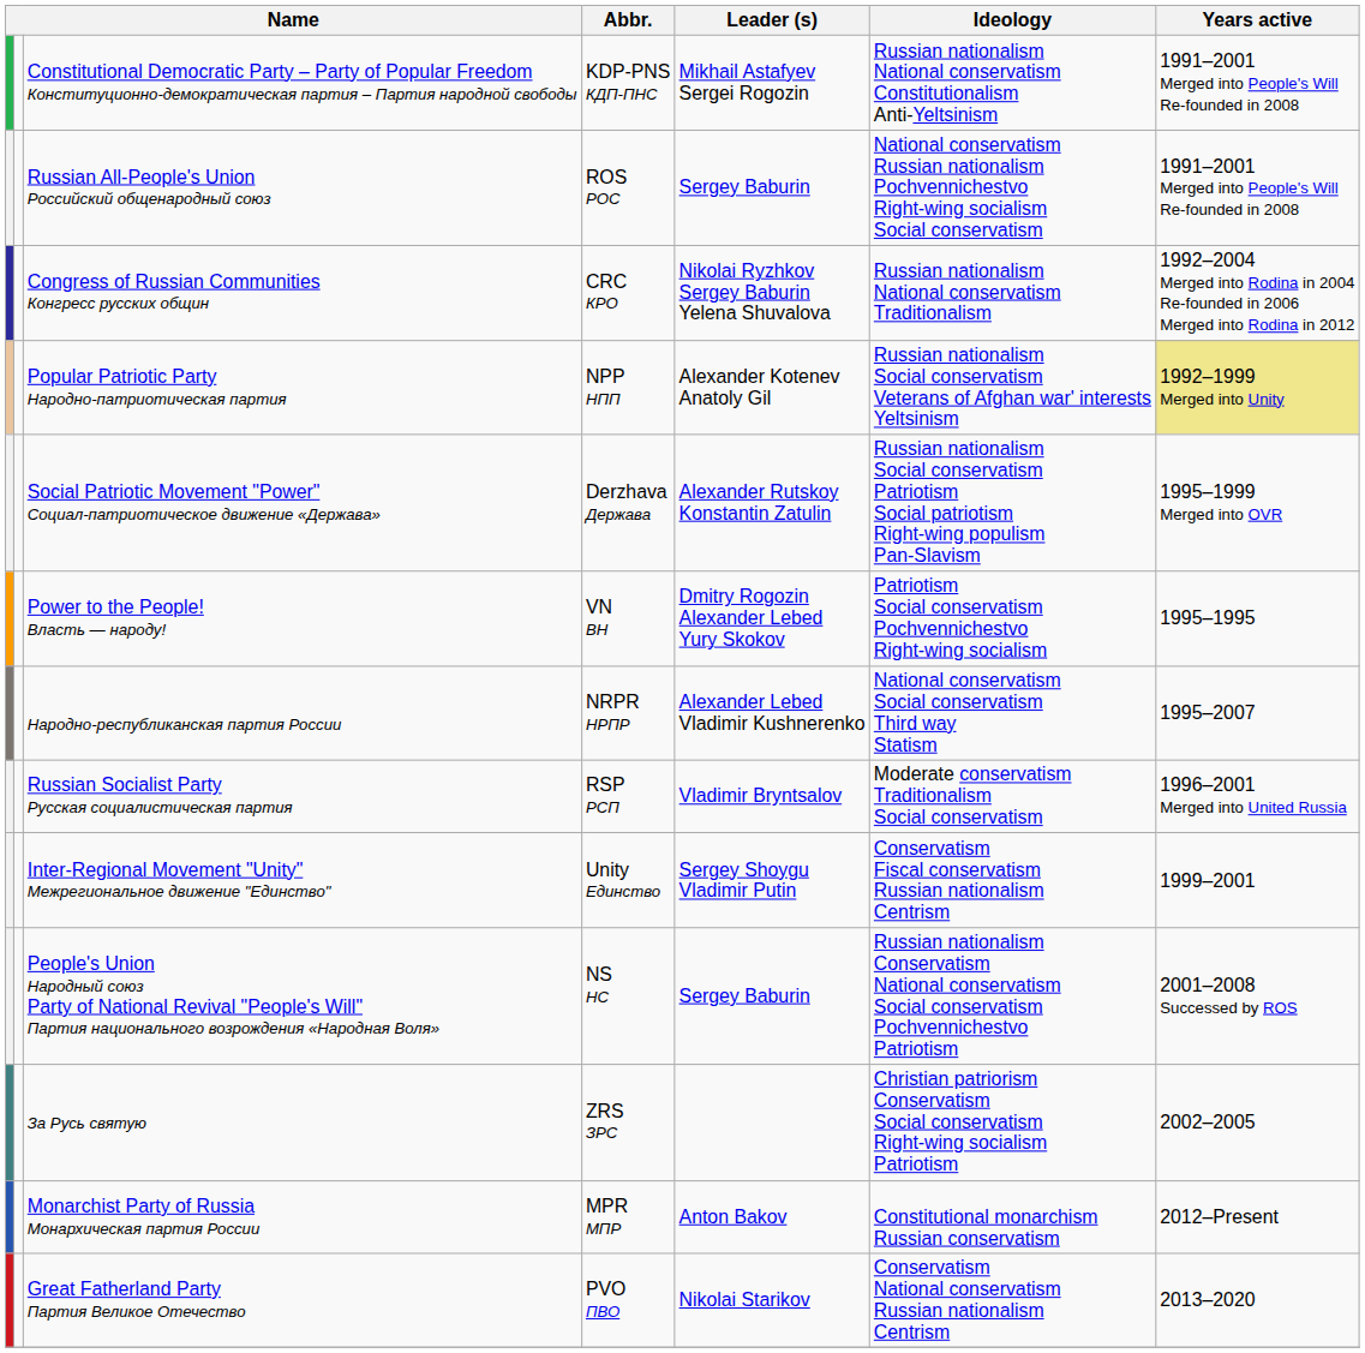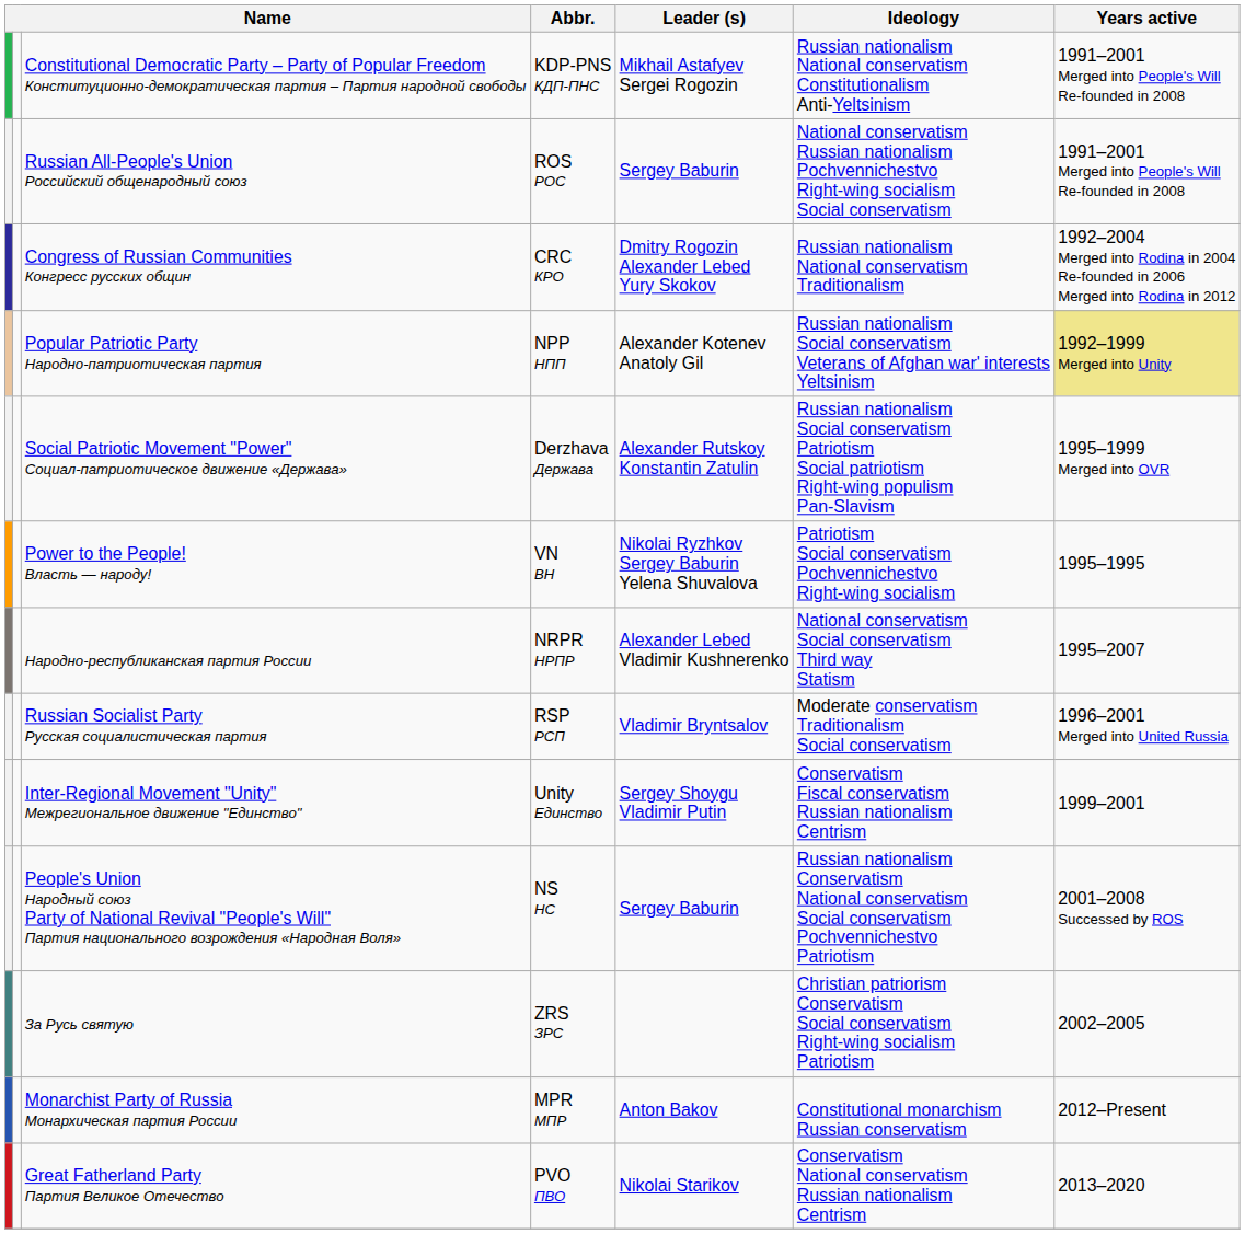 <table class="wikitable sortable">
 <tr>
 <th colspan=3>Name</th>
 <th>Abbr.</th>
 <th>Leader (s)</th>
 <th>Ideology</th>
 <th>Years active</th>
 </tr>
 <tr>
 <th style="background:#25B351;"></th>
 <td></td>
 <td><a href='#'>Constitutional Democratic Party – Party of Popular Freedom</a><br><small><em>Конституционно-демократическая партия – Партия народной свободы</em></small></td>
 <td>KDP-PNS<br><small><em>КДП-ПНС</em></small></td>
 <td><a href='#'>Mikhail Astafyev</a><br>Sergei Rogozin</td>
 <td><a href='#'>Russian nationalism</a><br><a href='#'>National conservatism</a><br><a href='#'>Constitutionalism</a><br>Anti-<a href='#'>Yeltsinism</a></td>
 <td>1991–2001<br><small>Merged into <a href='#'>People's Will</a><br>Re-founded in 2008</small></td>
 </tr>
 <tr>
 <th style="background:"></th>
 <td></td>
 <td><a href='#'>Russian All-People's Union</a><br><small><em>Российский общенародный союз</em></small></td>
 <td>ROS<br><small><em>РОС</em></small></td>
 <td><a href='#'>Sergey Baburin</a></td>
 <td><a href='#'>National conservatism</a><br><a href='#'>Russian nationalism</a><br><a href='#'>Pochvennichestvo</a><br><a href='#'>Right-wing socialism</a><br><a href='#'>Social conservatism</a></td>
 <td>1991–2001<br><small>Merged into <a href='#'>People's Will</a><br>Re-founded in 2008</small></td>
 </tr>
 <tr>
 <th style="background:#2C299A;"></th>
 <td><br><br></td>
 <td><a href='#'>Congress of Russian Communities</a><br><small><em>Конгресс русских общин</em></small></td>
 <td>CRC<br><small><em>КРО</em></small></td>
-<td><a href='#'>Nikolai Ryzhkov</a><br><a href='#'>Sergey Baburin</a><br>Yelena Shuvalova</td>
+<td><a href='#'>Dmitry Rogozin</a><br><a href='#'>Alexander Lebed</a><br><a href='#'>Yury Skokov</a></td>
 <td><a href='#'>Russian nationalism</a><br><a href='#'>National conservatism</a><br><a href='#'>Traditionalism</a></td>
 <td>1992–2004<br><small>Merged into <a href='#'>Rodina</a> in 2004<br>Re-founded in 2006<br>Merged into <a href='#'>Rodina</a> in 2012</small></td>
 </tr>
 <tr>
 <th style="background:#EBC59E;"></th>
 <td></td>
 <td><a href='#'>Popular Patriotic Party</a><br><small><em>Народно-патриотическая партия</em></small></td>
 <td>NPP<br><small><em>НПП</em></small></td>
 <td>Alexander Kotenev<br>Anatoly Gil</td>
 <td><a href='#'>Russian nationalism</a><br><a href='#'>Social conservatism</a><br><a href='#'>Veterans of Afghan war' interests</a><br><a href='#'>Yeltsinism</a></td>
 <td style="background: khaki;">1992–1999<br><small>Merged into <a href='#'>Unity</a></small></td>
 </tr>
 <tr>
 <th style="background:"></th>
 <td></td>
 <td><a href='#'>Social Patriotic Movement "Power"</a><br><small><em>Социал-патриотическое движение «Держава»</em></small></td>
 <td>Derzhava<br><small><em>Держава</em></small></td>
 <td><a href='#'>Alexander Rutskoy</a><br><a href='#'>Konstantin Zatulin</a></td>
 <td><a href='#'>Russian nationalism</a><br><a href='#'>Social conservatism</a><br><a href='#'>Patriotism</a><br><a href='#'>Social patriotism</a><br><a href='#'>Right-wing populism</a><br><a href='#'>Pan-Slavism</a></td>
 <td>1995–1999<br><small>Merged into <a href='#'>OVR</a></small></td>
 </tr>
 <tr>
 <th style="background:#FF9C00;"></th>
 <td></td>
 <td><a href='#'>Power to the People!</a><br><small><em>Власть — народу!</em></small></td>
 <td>VN<br><small><em>ВН</em></small></td>
-<td><a href='#'>Dmitry Rogozin</a><br><a href='#'>Alexander Lebed</a><br><a href='#'>Yury Skokov</a></td>
+<td><a href='#'>Nikolai Ryzhkov</a><br><a href='#'>Sergey Baburin</a><br>Yelena Shuvalova</td>
 <td><a href='#'>Patriotism</a><br><a href='#'>Social conservatism</a><br><a href='#'>Pochvennichestvo</a><br><a href='#'>Right-wing socialism</a></td>
 <td>1995–1995</td>
 </tr>
 <tr>
 <th style="background:#7B746F;"></th>
 <td></td>
 <td> <br><small><em>Народно-республиканская партия России</em></small></td>
 <td>NRPR<br><small><em>НРПР</em></small></td>
 <td><a href='#'>Alexander Lebed</a><br>Vladimir Kushnerenko</td>
 <td><a href='#'>National conservatism</a><br><a href='#'>Social conservatism</a><br><a href='#'>Third way</a><br><a href='#'>Statism</a></td>
 <td>1995–2007</td>
 </tr>
 <tr>
 <th style="background:"></th>
 <td></td>
 <td><a href='#'>Russian Socialist Party</a><br><small><em>Русская социалистическая партия</em></small></td>
 <td>RSP<br><small><em>РСП</em></small></td>
 <td><a href='#'>Vladimir Bryntsalov</a></td>
 <td>Moderate <a href='#'>conservatism</a><br><a href='#'>Traditionalism</a><br><a href='#'>Social conservatism</a></td>
 <td>1996–2001<br><small>Merged into <a href='#'>United Russia</a></small></td>
 </tr>
 <tr>
 <th style="background:"></th>
 <td></td>
 <td><a href='#'>Inter-Regional Movement "Unity"</a><br><small><em>Межрегиональное движение "Единство"</em></small></td>
 <td>Unity<br><small><em>Единство</em></small></td>
 <td><a href='#'>Sergey Shoygu</a><br><a href='#'>Vladimir Putin</a></td>
 <td><a href='#'>Conservatism</a><br><a href='#'>Fiscal conservatism</a><br><a href='#'>Russian nationalism</a><br><a href='#'>Centrism</a> </td>
 <td>1999–2001<br><small></small></td>
 </tr>
 <tr>
 <th style="background:"></th>
 <td><br><br></td>
 <td><a href='#'>People's Union</a><br><small><em>Народный союз</em></small><br><a href='#'>Party of National Revival "People's Will"</a><br><small><em>Партия национального возрождения «Народная Воля»</em></small></td>
 <td>NS<br><small><em>НС</em></small><br><br><small></small></td>
 <td><a href='#'>Sergey Baburin</a></td>
 <td><a href='#'>Russian nationalism</a><br><a href='#'>Conservatism</a><br><a href='#'>National conservatism</a><br><a href='#'>Social conservatism</a><br><a href='#'>Pochvennichestvo</a><br><a href='#'>Patriotism</a></td>
 <td>2001–2008<br><small>Successed by <a href='#'>ROS</a></small></td>
 </tr>
 <tr>
 <th style="background:#408080;"></th>
 <td></td>
 <td><small><em>За Русь святую</em></small></td>
 <td>ZRS<br><small><em>ЗРС</em></small></td>
 <td></td>
 <td><a href='#'>Christian patriorism</a><br><a href='#'>Conservatism</a><br><a href='#'>Social conservatism</a><br><a href='#'>Right-wing socialism</a><br><a href='#'>Patriotism</a></td>
 <td>2002–2005</td>
 </tr>
 <tr>
 <th style="background:#2655B0;"></th>
 <td></td>
 <td><a href='#'>Monarchist Party of Russia</a><br><small><em>Монархическая партия России</em></small></td>
 <td>MPR<br><small><em>МПР</em></small></td>
 <td><a href='#'>Anton Bakov</a><br></td>
 <td><br><a href='#'>Constitutional monarchism</a><br><a href='#'>Russian conservatism</a></td>
 <td>2012–Present</td>
 </tr>
 <tr>
 <th style="background:#CF161E;"></th>
 <td></td>
 <td><a href='#'>Great Fatherland Party</a><br><small><em>Партия Великое Отечество</em></small></td>
 <td>PVO<br><small><em><a href='#'>ПВО</a></em></small></td>
 <td><a href='#'>Nikolai Starikov</a></td>
 <td><a href='#'>Conservatism</a><br><a href='#'>National conservatism</a><br><a href='#'>Russian nationalism</a><br><a href='#'>Centrism</a></td>
 <td>2013–2020</td>
 </tr>
 <tr>
 </tr>
 </table>
